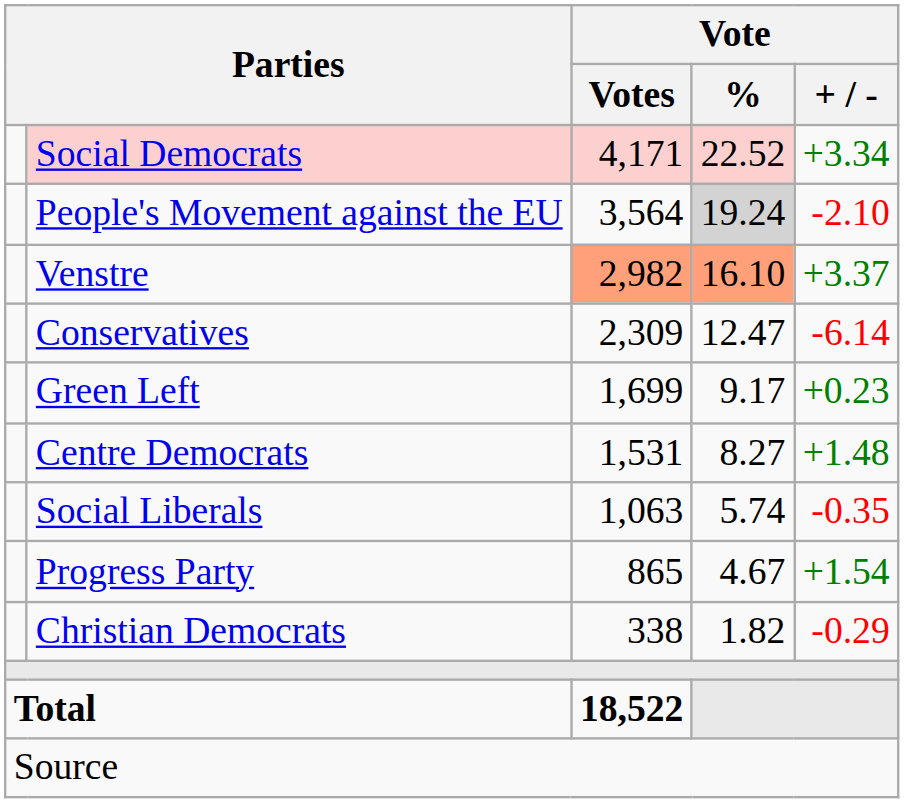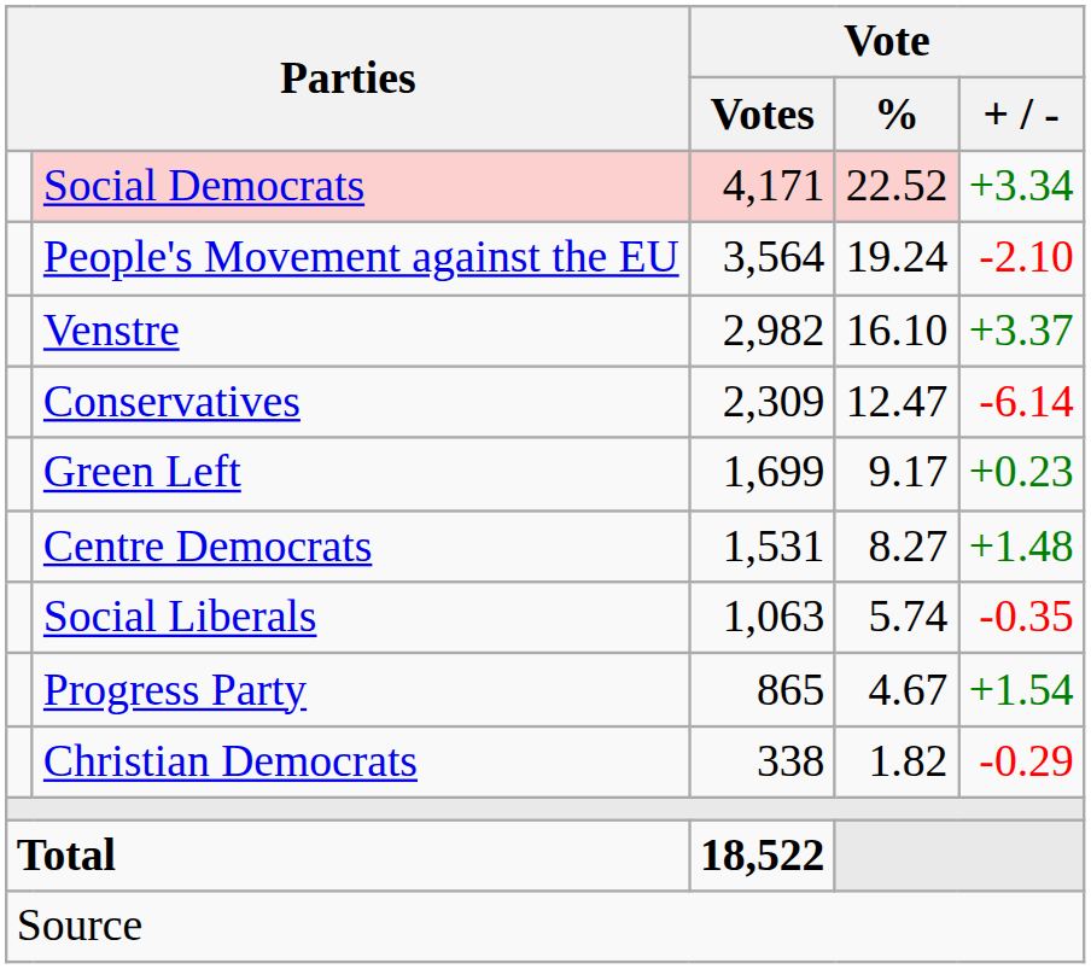 <table class="wikitable" style="text-align:right;">
 <tr>
 <th style="text-align:centre;" rowspan="2" colspan="2" width="225">Parties</th>
 <th colspan="3">Vote</th>
 </tr>
 <tr>
 <th width="15">Votes</th>
 <th width="15">%</th>
 <th width="15">+ / -</th>
 </tr>
 <tr>
 <td width="2" style="color:inherit;background:"></td>
 <td bgcolor=#fbd0ce   align="left"><a href='#'>Social Democrats</a></td>
 <td bgcolor=#fbd0ce>4,171</td>
 <td bgcolor=#fbd0ce>22.52</td>
 <td style=color:green;>+3.34</td>
 </tr>
 <tr>
 <td width="2" style="color:inherit;background:"></td>
 <td align="left"><a href='#'>People's Movement against the EU</a></td>
 <td>3,564</td>
-<td style="background: lightgrey;">19.24</td>
+<td>19.24</td>
 <td style=color:red;>-2.10</td>
 </tr>
 <tr>
 <td width="2" style="color:inherit;background:"></td>
 <td align="left"><a href='#'>Venstre</a></td>
-<td style="background: lightsalmon;">2,982</td>
-<td style="background: lightsalmon;">16.10</td>
+<td>2,982</td>
+<td>16.10</td>
 <td style=color:green;>+3.37</td>
 </tr>
 <tr>
 <td width="2" style="color:inherit;background:"></td>
 <td align="left"><a href='#'>Conservatives</a></td>
 <td>2,309</td>
 <td>12.47</td>
 <td style=color:red;>-6.14</td>
 </tr>
 <tr>
 <td width="2" style="color:inherit;background:"></td>
 <td align="left"><a href='#'>Green Left</a></td>
 <td>1,699</td>
 <td>9.17</td>
 <td style=color:green;>+0.23</td>
 </tr>
 <tr>
 <td width="2" style="color:inherit;background:"></td>
 <td align="left"><a href='#'>Centre Democrats</a></td>
 <td>1,531</td>
 <td>8.27</td>
 <td style=color:green;>+1.48</td>
 </tr>
 <tr>
 <td width="2" style="color:inherit;background:"></td>
 <td align="left"><a href='#'>Social Liberals</a></td>
 <td>1,063</td>
 <td>5.74</td>
 <td style=color:red;>-0.35</td>
 </tr>
 <tr>
 <td width="2" style="color:inherit;background:"></td>
 <td align="left"><a href='#'>Progress Party</a></td>
 <td>865</td>
 <td>4.67</td>
 <td style=color:green;>+1.54</td>
 </tr>
 <tr>
 <td width="2" style="color:inherit;background:"></td>
 <td align="left"><a href='#'>Christian Democrats</a></td>
 <td>338</td>
 <td>1.82</td>
 <td style=color:red;>-0.29</td>
 </tr>
 <tr>
 <td colspan="7" bgcolor="#E9E9E9"></td>
 </tr>
 <tr>
 <td align="left" colspan="2"><strong>Total</strong></td>
 <td><strong>18,522</strong></td>
 <td bgcolor="#E9E9E9" colspan="2"></td>
 </tr>
 <tr>
 <td align="left" colspan="6">Source</td>
 </tr>
 </table>
